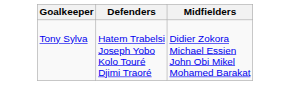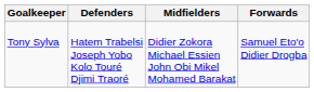 <table class="wikitable" style="margin:0 auto">
 <tr>
 <th>Goalkeeper</th>
 <th>Defenders</th>
 <th>Midfielders</th>
+<th>Forwards</th>
 </tr>
 <tr>
 <td align=left valign=top><br> <a href='#'>Tony Sylva</a></td>
 <td align=left valign=top><br> <a href='#'>Hatem Trabelsi</a><br>  <a href='#'>Joseph Yobo</a><br>  <a href='#'>Kolo Touré</a><br>  <a href='#'>Djimi Traoré</a></td>
 <td align=left valign=top><br> <a href='#'>Didier Zokora</a><br>  <a href='#'>Michael Essien</a><br>  <a href='#'>John Obi Mikel</a><br>  <a href='#'>Mohamed Barakat</a></td>
+<td align=left valign=top><br> <a href='#'>Samuel Eto'o </a><br>  <a href='#'>Didier Drogba</a></td>
 </tr>
 </table>
